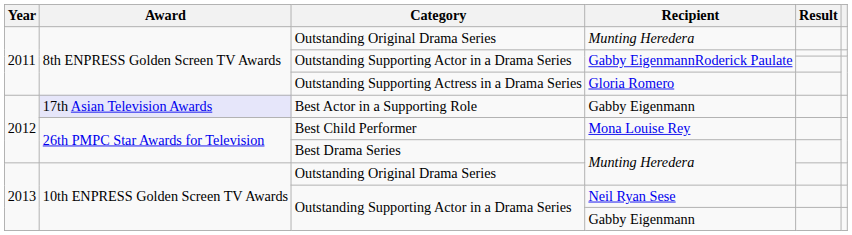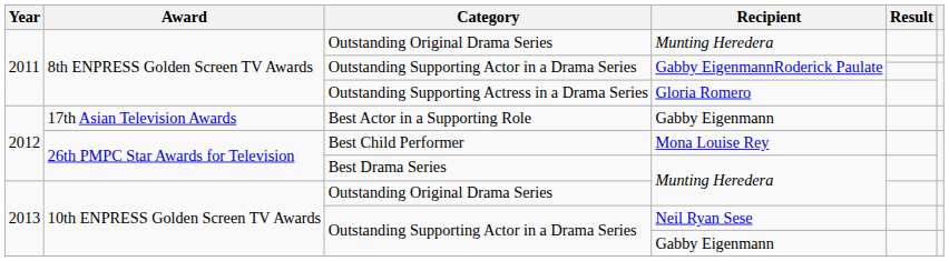 <table class="wikitable">
 <tr>
 <th>Year</th>
 <th>Award</th>
 <th>Category</th>
 <th>Recipient</th>
 <th>Result</th>
 <th></th>
 </tr>
 <tr>
 <td rowspan=4>2011</td>
 <td rowspan=4>8th ENPRESS Golden Screen TV Awards</td>
 <td>Outstanding Original Drama Series</td>
 <td><em>Munting Heredera</em></td>
 <td></td>
 <td></td>
 </tr>
 <tr>
 <td rowspan=2>Outstanding Supporting Actor in a Drama Series</td>
 <td rowspan=2><a href='#'>Gabby Eigenmann</a><a href='#'>Roderick Paulate</a></td>
 <td></td>
 <td></td>
 </tr>
 <tr>
 <td></td>
 <td rowspan=2></td>
 </tr>
 <tr>
 <td>Outstanding Supporting Actress in a Drama Series</td>
 <td><a href='#'>Gloria Romero</a></td>
 <td></td>
 </tr>
 <tr>
 <td rowspan=3>2012</td>
-<td style="background: lavender;">17th <a href='#'>Asian Television Awards</a></td>
+<td>17th <a href='#'>Asian Television Awards</a></td>
 <td>Best Actor in a Supporting Role</td>
 <td>Gabby Eigenmann</td>
 <td></td>
 <td></td>
 </tr>
 <tr>
 <td rowspan=2><a href='#'>26th PMPC Star Awards for Television</a></td>
 <td>Best Child Performer</td>
 <td><a href='#'>Mona Louise Rey</a></td>
 <td></td>
 <td rowspan=2></td>
 </tr>
 <tr>
 <td>Best Drama Series</td>
 <td rowspan=2><em>Munting Heredera</em></td>
 <td></td>
 </tr>
 <tr>
 <td rowspan=3>2013</td>
 <td rowspan=3>10th ENPRESS Golden Screen TV Awards</td>
 <td>Outstanding Original Drama Series</td>
 <td></td>
 <td></td>
 </tr>
 <tr>
 <td rowspan=2>Outstanding Supporting Actor in a Drama Series</td>
 <td><a href='#'>Neil Ryan Sese</a></td>
 <td></td>
 <td></td>
 </tr>
 <tr>
 <td>Gabby Eigenmann</td>
 <td></td>
 <td></td>
 </tr>
 </table>
